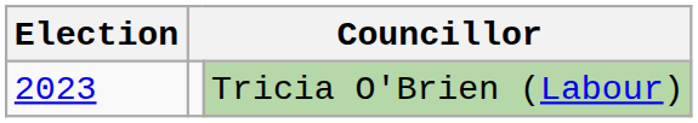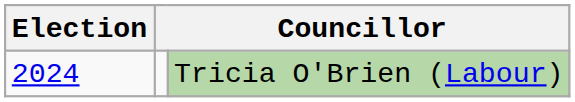 <table class="wikitable">
 <tr>
 <th>Election</th>
 <th colspan="2">Councillor</th>
 </tr>
 <tr>
-<td><a href='#'>2023</a></td>
+<td><a href='#'>2024</a></td>
 <td style="background-color: "></td>
 <td bgcolor="#B6D7A8">Tricia O'Brien (<a href='#'>Labour</a>)</td>
 </tr>
 </table>
